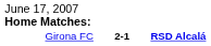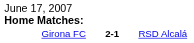 <table width=100% cellspacing=1>
 <tr>
 <th width=20%></th>
 <th width=12%></th>
 <th width=20%></th>
 <th></th>
 </tr>
 <tr>
 <td>June 17, 2007<br><strong>Home Matches:</strong></td>
 </tr>
 <tr style=font-size:90%>
 <td align=right><a href='#'>Girona FC</a></td>
 <td align=center><strong>2-1</strong></td>
-<td><strong><a href='#'>RSD Alcalá</a></strong></td>
+<td><a href='#'>RSD Alcalá</a></td>
 </tr>
 </table>
